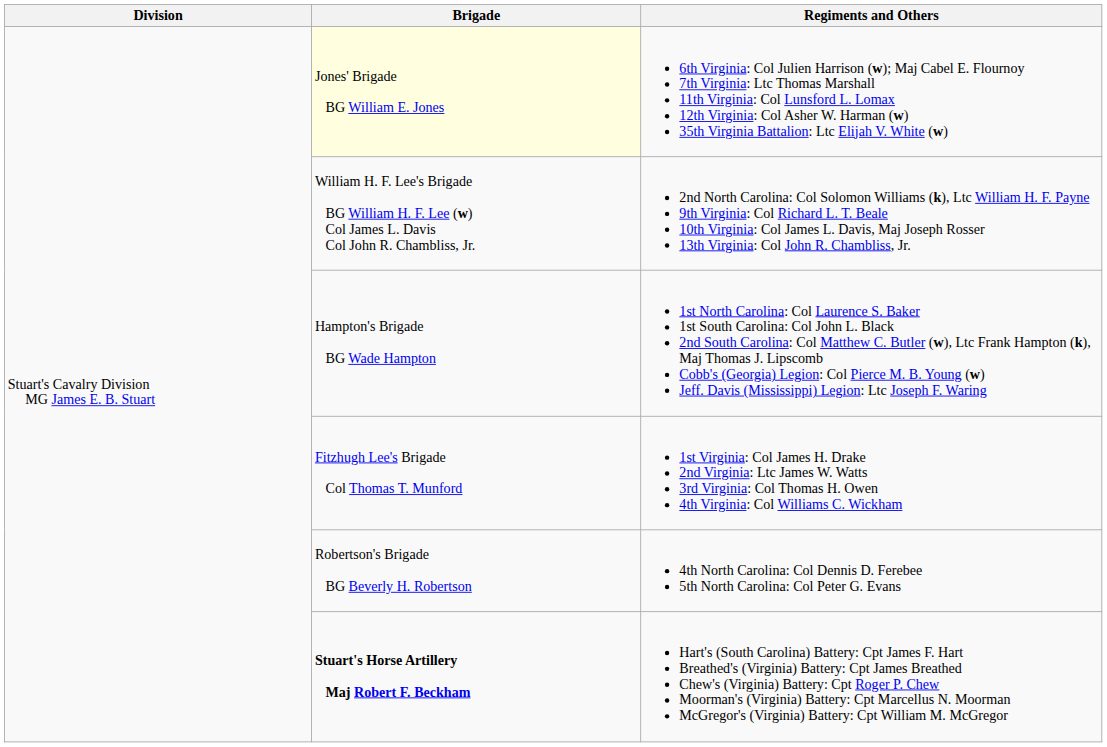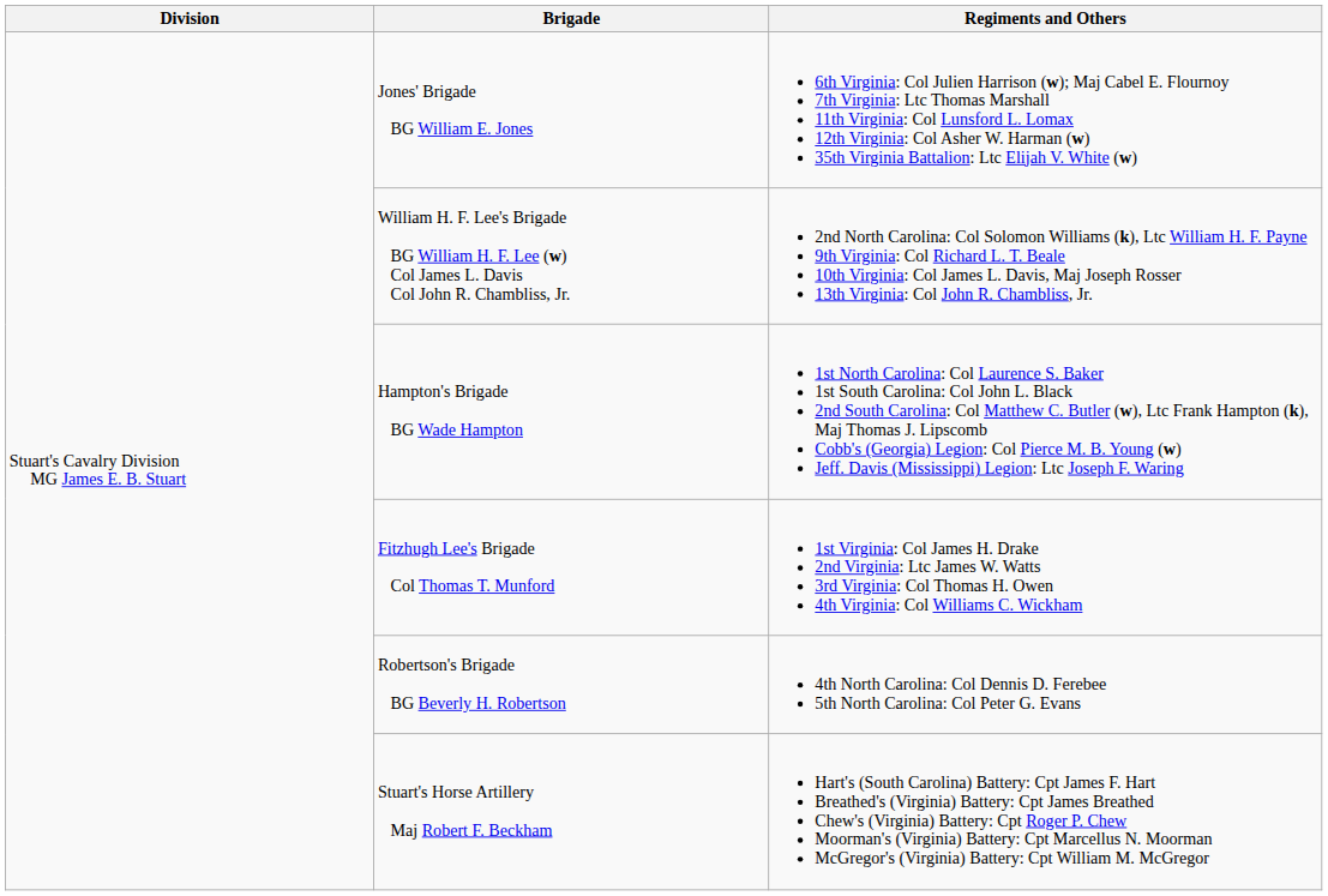 <table class="wikitable">
 <tr>
 <th width=28%>Division</th>
 <th width=30%>Brigade</th>
 <th>Regiments and Others</th>
 </tr>
 <tr>
 <td rowspan=6><br>Stuart's Cavalry Division <br>     MG <a href='#'>James E. B. Stuart</a></td>
-<td style="background: lightyellow;">Jones' Brigade<br><br>   BG <a href='#'>William E. Jones</a></td>
+<td>Jones' Brigade<br><br>   BG <a href='#'>William E. Jones</a></td>
 <td><br><ul><li><a href='#'>6th Virginia</a>: Col Julien Harrison (<strong>w</strong>); Maj Cabel E. Flournoy</li><li><a href='#'>7th Virginia</a>: Ltc Thomas Marshall</li><li><a href='#'>11th Virginia</a>: Col <a href='#'>Lunsford L. Lomax</a></li><li><a href='#'>12th Virginia</a>: Col Asher W. Harman (<strong>w</strong>)</li><li><a href='#'>35th Virginia Battalion</a>: Ltc <a href='#'>Elijah V. White</a> (<strong>w</strong>)</li></ul></td>
 </tr>
 <tr>
 <td>William H. F. Lee's Brigade<br><br>   BG <a href='#'>William H. F. Lee</a> (<strong>w</strong>) <br>   Col James L. Davis <br>   Col John R. Chambliss, Jr.</td>
 <td><br><ul><li>2nd North Carolina: Col Solomon Williams (<strong>k</strong>), Ltc <a href='#'>William H. F. Payne</a></li><li><a href='#'>9th Virginia</a>: Col <a href='#'>Richard L. T. Beale</a></li><li><a href='#'>10th Virginia</a>: Col James L. Davis, Maj Joseph Rosser</li><li><a href='#'>13th Virginia</a>: Col <a href='#'>John R. Chambliss</a>, Jr.</li></ul></td>
 </tr>
 <tr>
 <td>Hampton's Brigade<br><br>   BG <a href='#'>Wade Hampton</a></td>
 <td><br><ul><li><a href='#'>1st North Carolina</a>: Col <a href='#'>Laurence S. Baker</a></li><li>1st South Carolina: Col John L. Black</li><li><a href='#'>2nd South Carolina</a>: Col <a href='#'>Matthew C. Butler</a> (<strong>w</strong>), Ltc Frank Hampton (<strong>k</strong>), Maj Thomas J. Lipscomb</li><li><a href='#'>Cobb's (Georgia) Legion</a>: Col <a href='#'>Pierce M. B. Young</a> (<strong>w</strong>)</li><li><a href='#'>Jeff. Davis (Mississippi) Legion</a>: Ltc <a href='#'>Joseph F. Waring</a></li></ul></td>
 </tr>
 <tr>
 <td><a href='#'>Fitzhugh Lee's</a> Brigade<br><br>   Col <a href='#'>Thomas T. Munford</a></td>
 <td><br><ul><li><a href='#'>1st Virginia</a>: Col James H. Drake</li><li><a href='#'>2nd Virginia</a>: Ltc James W. Watts</li><li><a href='#'>3rd Virginia</a>: Col Thomas H. Owen</li><li><a href='#'>4th Virginia</a>: Col <a href='#'>Williams C. Wickham</a></li></ul></td>
 </tr>
 <tr>
 <td>Robertson's Brigade<br><br>   BG <a href='#'>Beverly H. Robertson</a></td>
 <td><br><ul><li>4th North Carolina: Col Dennis D. Ferebee</li><li>5th North Carolina: Col Peter G. Evans</li></ul></td>
 </tr>
 <tr>
-<td><strong>Stuart's Horse Artillery<br><br>   Maj <a href='#'>Robert F. Beckham</a></strong></td>
+<td>Stuart's Horse Artillery<br><br>   Maj <a href='#'>Robert F. Beckham</a></td>
 <td><br><ul><li>Hart's (South Carolina) Battery: Cpt James F. Hart</li><li>Breathed's (Virginia) Battery: Cpt James Breathed</li><li>Chew's (Virginia) Battery: Cpt <a href='#'>Roger P. Chew</a></li><li>Moorman's (Virginia) Battery: Cpt Marcellus N. Moorman</li><li>McGregor's (Virginia) Battery: Cpt William M. McGregor</li></ul></td>
 </tr>
 </table>
